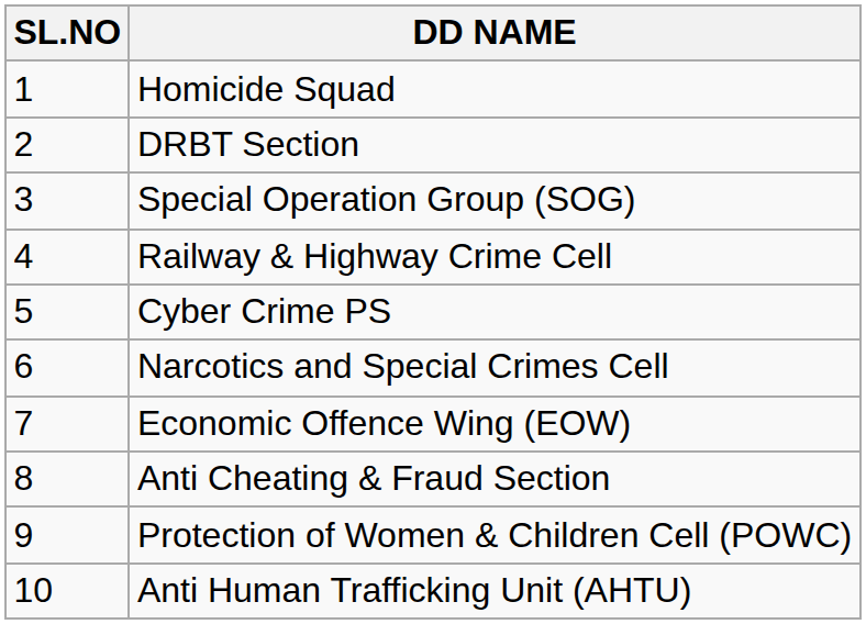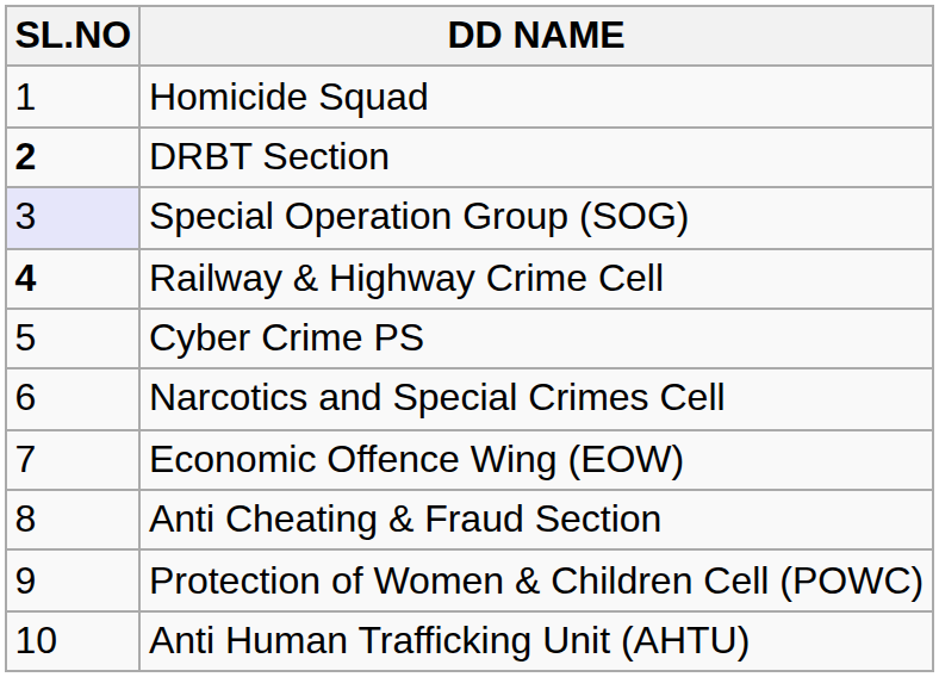 <table class="wikitable">
 <tr>
 <th colspan="1" rowspan="1">SL.NO</th>
 <th colspan="1" rowspan="1">DD NAME</th>
 </tr>
 <tr>
 <td>1</td>
 <td>Homicide Squad</td>
 </tr>
 <tr>
-<td>2</td>
+<td><strong>2</strong></td>
 <td>DRBT Section</td>
 </tr>
 <tr>
-<td>3</td>
+<td style="background: lavender;">3</td>
 <td>Special Operation Group (SOG)</td>
 </tr>
 <tr>
-<td>4</td>
+<td><strong>4</strong></td>
 <td>Railway & Highway Crime Cell</td>
 </tr>
 <tr>
 <td>5</td>
 <td>Cyber Crime PS</td>
 </tr>
 <tr>
 <td>6</td>
 <td>Narcotics and Special Crimes Cell</td>
 </tr>
 <tr>
 <td>7</td>
 <td>Economic Offence Wing (EOW)</td>
 </tr>
 <tr>
 <td>8</td>
 <td>Anti Cheating & Fraud Section</td>
 </tr>
 <tr>
 <td>9</td>
 <td>Protection of Women & Children Cell (POWC)</td>
 </tr>
 <tr>
 <td>10</td>
 <td>Anti Human Trafficking Unit (AHTU)</td>
 </tr>
 </table>
